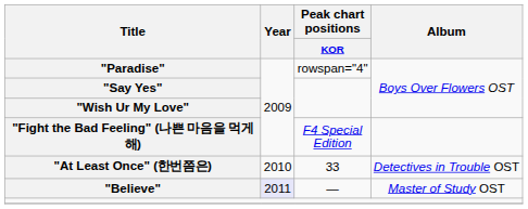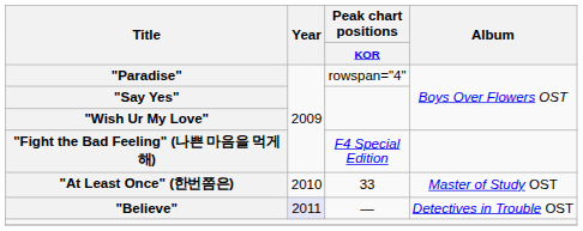 <table class="wikitable plainrowheaders" style="text-align:center;">
 <tr>
 <th scope="col" rowspan="2" style="width:20em;">Title</th>
 <th scope="col" rowspan="2">Year</th>
 <th scope="col" colspan="1" style="width:5em;">Peak chart positions</th>
 <th scope="col" rowspan="2">Album</th>
 </tr>
 <tr>
 <th><small><a href='#'>KOR</a></small><br></th>
 </tr>
 <tr>
 <th scope="row">"Paradise"</th>
 <td rowspan="4">2009</td>
 <td>rowspan="4" </td>
 <td rowspan="3"><em><a href='#'>Boys Over Flowers</a> OST</em></td>
 </tr>
 <tr>
 <th scope="row">"Say Yes"</th>
 </tr>
 <tr>
 <th scope="row">"Wish Ur My Love"<br></th>
 </tr>
 <tr>
 <th scope="row">"Fight the Bad Feeling" (나쁜 마음을 먹게해)</th>
 <td><em><a href='#'>F4 Special Edition</a></em></td>
 </tr>
 <tr>
 <th scope="row">"At Least Once" (한번쯤은)</th>
 <td>2010</td>
 <td>33</td>
-<td><em><a href='#'>Detectives in Trouble</a></em> OST</td>
+<td><em><a href='#'>Master of Study</a></em> OST</td>
 </tr>
 <tr>
 <th scope="row">"Believe"</th>
 <td style="background: lavender;">2011</td>
 <td>—</td>
-<td><em><a href='#'>Master of Study</a></em> OST</td>
+<td><em><a href='#'>Detectives in Trouble</a></em> OST</td>
 </tr>
 <tr>
 <td colspan="4"></td>
 </tr>
 <tr>
 </tr>
 </table>
